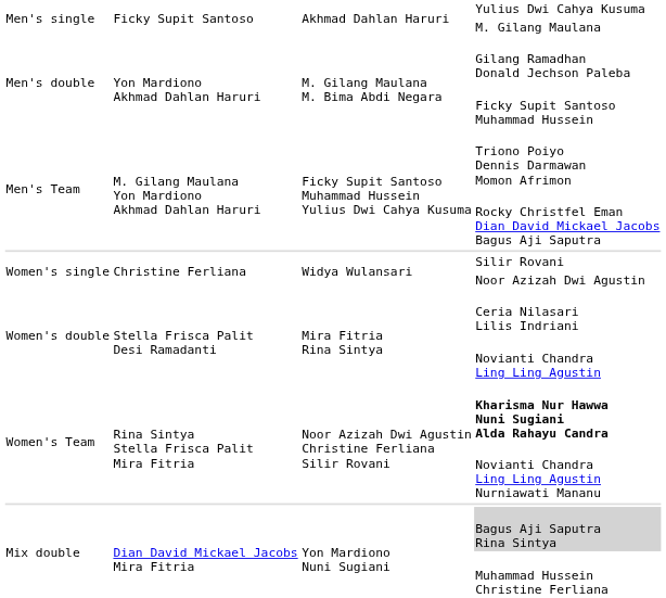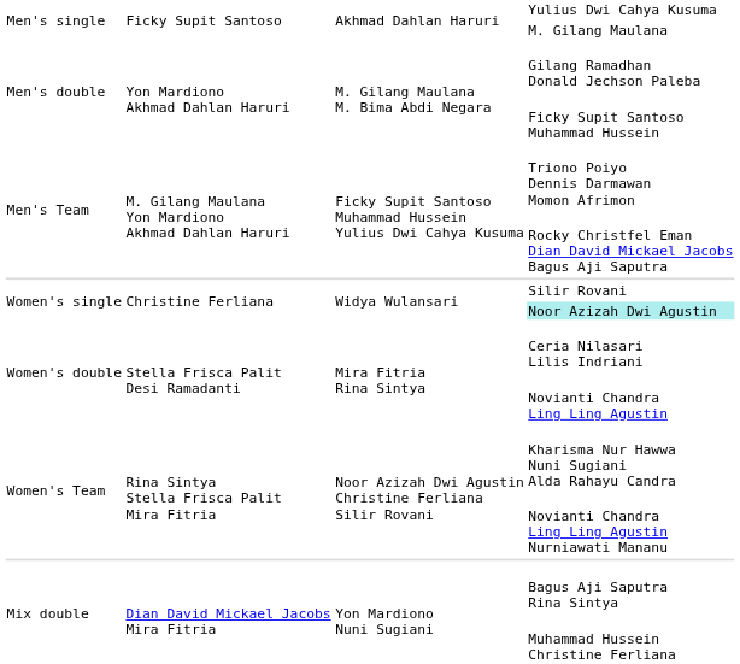 <table>
 <tr>
 <td rowspan=2>Men's single</td>
 <td rowspan=2>Ficky Supit Santoso<br></td>
 <td rowspan=2>Akhmad Dahlan Haruri<br></td>
 <td>Yulius Dwi Cahya Kusuma<br></td>
 </tr>
 <tr>
 <td>M. Gilang Maulana<br></td>
 </tr>
 <tr>
 <td rowspan=2>Men's double</td>
 <td rowspan=2><br>Yon Mardiono<br>Akhmad Dahlan Haruri</td>
 <td rowspan=2><br>M. Gilang Maulana<br>M. Bima Abdi Negara</td>
 <td><br>Gilang Ramadhan<br>Donald Jechson Paleba</td>
 </tr>
 <tr>
 <td><br>Ficky Supit Santoso<br>Muhammad Hussein</td>
 </tr>
 <tr>
 <td rowspan=2>Men's Team</td>
 <td rowspan=2><br>M. Gilang Maulana<br>Yon Mardiono<br>Akhmad Dahlan Haruri</td>
 <td rowspan=2><br>Ficky Supit Santoso<br>Muhammad Hussein<br>Yulius Dwi Cahya Kusuma</td>
 <td><br>Triono Poiyo<br>Dennis Darmawan<br>Momon Afrimon</td>
 </tr>
 <tr>
 <td><br>Rocky Christfel Eman<br><a href='#'>Dian David Mickael Jacobs</a><br>Bagus Aji Saputra</td>
 </tr>
 <tr bgcolor=#DDDDDD>
 <td colspan=4></td>
 </tr>
 <tr>
 <td rowspan=2>Women's single</td>
 <td rowspan=2>Christine Ferliana<br></td>
 <td rowspan=2>Widya Wulansari<br></td>
 <td>Silir Rovani<br></td>
 </tr>
 <tr>
-<td>Noor Azizah Dwi Agustin<br></td>
+<td style="background: paleturquoise;">Noor Azizah Dwi Agustin<br></td>
 </tr>
 <tr>
 <td rowspan=2>Women's double</td>
 <td rowspan=2><br>Stella Frisca Palit<br>Desi Ramadanti</td>
 <td rowspan=2><br>Mira Fitria<br>Rina Sintya</td>
 <td><br>Ceria Nilasari<br>Lilis Indriani</td>
 </tr>
 <tr>
 <td><br>Novianti Chandra<br><a href='#'>Ling Ling Agustin</a></td>
 </tr>
 <tr>
 <td rowspan=2>Women's Team</td>
 <td rowspan=2><br>Rina Sintya<br>Stella Frisca Palit<br>Mira Fitria</td>
 <td rowspan=2><br>Noor Azizah Dwi Agustin<br>Christine Ferliana<br>Silir Rovani</td>
-<td><strong><br>Kharisma Nur Hawwa<br>Nuni Sugiani<br>Alda Rahayu Candra</strong></td>
+<td><br>Kharisma Nur Hawwa<br>Nuni Sugiani<br>Alda Rahayu Candra</td>
 </tr>
 <tr>
 <td><br>Novianti Chandra<br><a href='#'>Ling Ling Agustin</a><br>Nurniawati Mananu</td>
 </tr>
 <tr bgcolor=#DDDDDD>
 <td colspan=4></td>
 </tr>
 <tr>
 <td rowspan=2>Mix double</td>
 <td rowspan=2><br><a href='#'>Dian David Mickael Jacobs</a><br>Mira Fitria</td>
 <td rowspan=2><br>Yon Mardiono<br>Nuni Sugiani</td>
-<td style="background: lightgrey;"><br>Bagus Aji Saputra<br>Rina Sintya</td>
+<td><br>Bagus Aji Saputra<br>Rina Sintya</td>
 </tr>
 <tr>
 <td><br>Muhammad Hussein<br>Christine Ferliana</td>
 </tr>
 </table>
